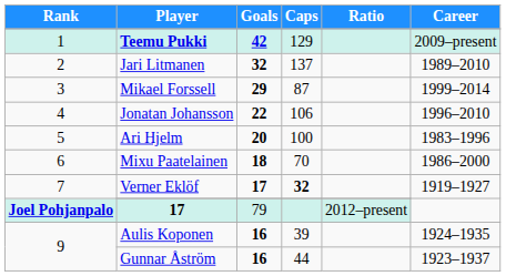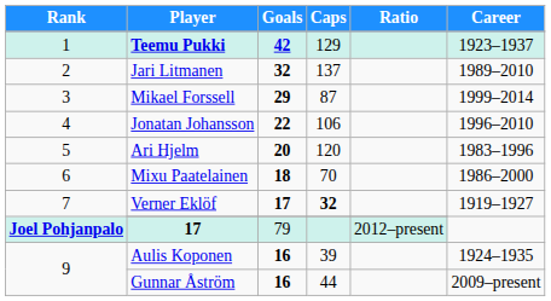 <table class="wikitable sortable" style="text-align:center;">
 <tr>
 <th style="background-color:#1E90FF; color:white; ">Rank</th>
 <th style="background-color:#1E90FF; color:white; ">Player</th>
 <th style="background-color:#1E90FF; color:white; ">Goals</th>
 <th style="background-color:#1E90FF; color:white; ">Caps</th>
 <th style="background-color:#1E90FF; color:white; ">Ratio</th>
 <th style="background-color:#1E90FF; color:white; ">Career</th>
 </tr>
 <tr>
 </tr>
 <tr bgcolor=#CEF2EC>
 <td>1</td>
 <td style="text-align:left;"><strong><a href='#'>Teemu Pukki</a></strong></td>
 <td><strong><a href='#'>42</a></strong></td>
 <td>129</td>
 <td></td>
-<td>2009–present</td>
+<td>1923–1937</td>
 </tr>
 <tr>
 <td>2</td>
 <td style="text-align:left;"><a href='#'>Jari Litmanen</a></td>
 <td><strong>32</strong></td>
 <td>137</td>
 <td></td>
 <td>1989–2010</td>
 </tr>
 <tr>
 <td>3</td>
 <td style="text-align:left;"><a href='#'>Mikael Forssell</a></td>
 <td><strong>29</strong></td>
 <td>87</td>
 <td></td>
 <td>1999–2014</td>
 </tr>
 <tr>
 <td>4</td>
 <td style="text-align:left;"><a href='#'>Jonatan Johansson</a></td>
 <td><strong>22</strong></td>
 <td>106</td>
 <td></td>
 <td>1996–2010</td>
 </tr>
 <tr>
 <td>5</td>
 <td style="text-align:left;"><a href='#'>Ari Hjelm</a></td>
 <td><strong>20</strong></td>
-<td>100</td>
+<td>120</td>
 <td></td>
 <td>1983–1996</td>
 </tr>
 <tr>
 <td>6</td>
 <td style="text-align:left;"><a href='#'>Mixu Paatelainen</a></td>
 <td><strong>18</strong></td>
 <td>70</td>
 <td></td>
 <td>1986–2000</td>
 </tr>
 <tr>
 <td rowspan=2>7</td>
 <td style="text-align:left;"><a href='#'>Verner Eklöf</a></td>
 <td><strong>17</strong></td>
 <td><strong>32</strong></td>
 <td></td>
 <td>1919–1927</td>
 </tr>
 <tr>
 </tr>
 <tr bgcolor=#CEF2EC>
 <td style="text-align:left;"><strong><a href='#'>Joel Pohjanpalo</a></strong></td>
 <td><strong>17</strong></td>
 <td>79</td>
 <td></td>
 <td>2012–present</td>
 </tr>
 <tr>
 <td rowspan=2>9</td>
 <td style="text-align:left;"><a href='#'>Aulis Koponen</a></td>
 <td><strong>16</strong></td>
 <td>39</td>
 <td></td>
 <td>1924–1935</td>
 </tr>
 <tr>
 <td style="text-align:left;"><a href='#'>Gunnar Åström</a></td>
 <td><strong>16</strong></td>
 <td>44</td>
 <td></td>
-<td>1923–1937</td>
+<td>2009–present</td>
 </tr>
 </table>
